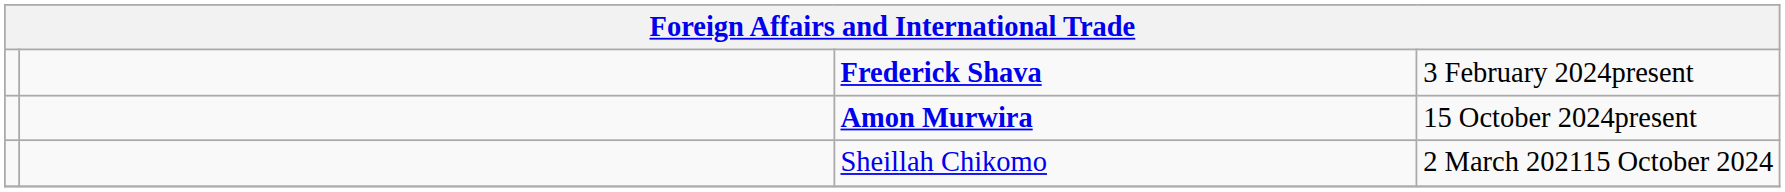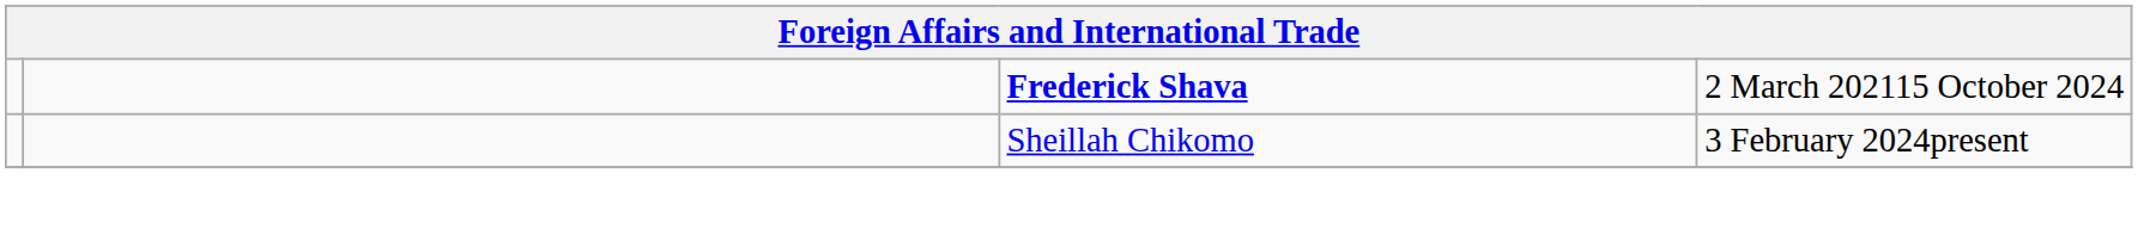 <table class="wikitable">
 <tr>
 <th colspan="4"><a href='#'>Foreign Affairs and International Trade</a></th>
 </tr>
 <tr>
 <td style="width: 1px; background: "></td>
 <td style="width: 450px;"></td>
 <td style="width: 320px;"> <strong><a href='#'>Frederick Shava</a></strong></td>
-<td>3 February 2024present</td>
-</tr>
-<tr>
-<td></td>
-<td style="width: 450px;"></td>
-<td style="width: 320px;"> <strong><a href='#'>Amon Murwira</a></strong></td>
-<td>15 October 2024present</td>
+<td>2 March 202115 October 2024</td>
 </tr>
 <tr>
 <td style="width: 1px; background: "></td>
 <td style="width: 450px;"></td>
 <td style="width: 320px;"> <a href='#'>Sheillah Chikomo</a></td>
-<td>2 March 202115 October 2024</td>
+<td>3 February 2024present</td>
 </tr>
 <tr>
 </tr>
 </table>
